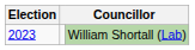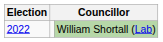 <table class="wikitable">
 <tr>
 <th>Election</th>
 <th colspan="2">Councillor</th>
 </tr>
 <tr>
-<td><a href='#'>2023</a></td>
+<td><a href='#'>2022</a></td>
 <td style="background-color: "></td>
 <td bgcolor="#B6D7A8">William Shortall (<a href='#'>Lab</a>)</td>
 </tr>
 </table>
